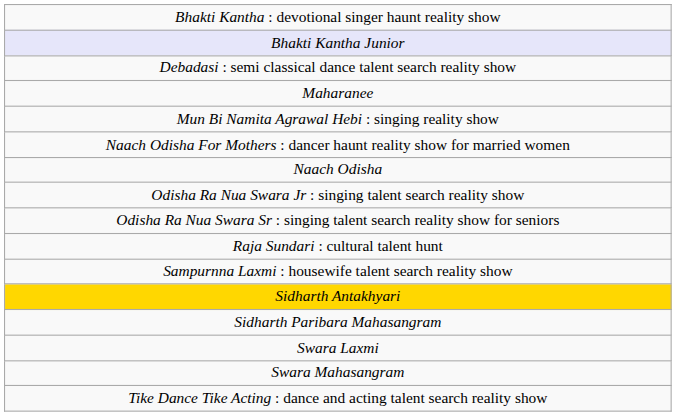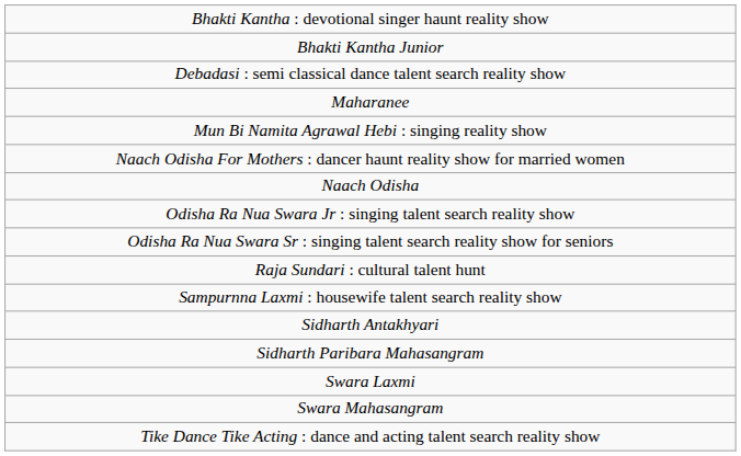 <table class="wikitable sortable" style="border-collapse:collapse; font-size: 90%; text-align:center" width="100%">
 <tr>
 <td><em>Bhakti Kantha</em> : devotional singer haunt reality show</td>
 </tr>
 <tr>
-<td style="background: lavender;"><em>Bhakti Kantha Junior</em></td>
+<td><em>Bhakti Kantha Junior</em></td>
 </tr>
 <tr>
 <td><em>Debadasi</em> : semi classical dance talent search reality show</td>
 </tr>
 <tr>
 <td><em>Maharanee</em></td>
 </tr>
 <tr>
 <td><em>Mun Bi Namita Agrawal Hebi</em> : singing reality show</td>
 </tr>
 <tr>
 <td><em>Naach Odisha For Mothers</em> : dancer haunt reality show for married women</td>
 </tr>
 <tr>
 <td><em>Naach Odisha</em></td>
 </tr>
 <tr>
 <td><em>Odisha Ra Nua Swara Jr</em> : singing talent search reality show</td>
 </tr>
 <tr>
 <td><em>Odisha Ra Nua Swara Sr</em> : singing talent search reality show for seniors</td>
 </tr>
 <tr>
 <td><em>Raja Sundari</em> : cultural talent hunt</td>
 </tr>
 <tr>
 <td><em>Sampurnna Laxmi</em> : housewife talent search reality show</td>
 </tr>
 <tr>
-<td style="background: gold;"><em>Sidharth Antakhyari</em></td>
+<td><em>Sidharth Antakhyari</em></td>
 </tr>
 <tr>
 <td><em>Sidharth Paribara Mahasangram</em></td>
 </tr>
 <tr>
 <td><em>Swara Laxmi</em></td>
 </tr>
 <tr>
 <td><em>Swara Mahasangram</em></td>
 </tr>
 <tr>
 <td><em>Tike Dance Tike Acting</em> : dance and acting talent search reality show</td>
 </tr>
 </table>
